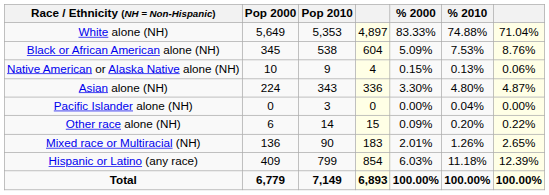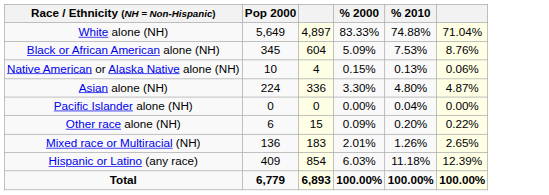 <table class="wikitable" style="text-align:center;">
 <tr>
 <th>Race / Ethnicity <small>(<em>NH = Non-Hispanic</em>)</small></th>
 <th>Pop 2000</th>
-<th>Pop 2010</th>
 <th></th>
 <th>% 2000</th>
 <th>% 2010</th>
 <th></th>
 </tr>
 <tr>
 <td><a href='#'>White</a> alone (NH)</td>
 <td>5,649</td>
-<td>5,353</td>
 <td style='background: #ffffe6;'>4,897</td>
 <td>83.33%</td>
 <td>74.88%</td>
 <td style='background: #ffffe6;'>71.04%</td>
 </tr>
 <tr>
 <td><a href='#'>Black or African American</a> alone (NH)</td>
 <td>345</td>
-<td>538</td>
 <td style='background: #ffffe6;'>604</td>
 <td>5.09%</td>
 <td>7.53%</td>
 <td style='background: #ffffe6;'>8.76%</td>
 </tr>
 <tr>
 <td><a href='#'>Native American</a> or <a href='#'>Alaska Native</a> alone (NH)</td>
 <td>10</td>
-<td>9</td>
 <td style='background: #ffffe6;'>4</td>
 <td>0.15%</td>
 <td>0.13%</td>
 <td style='background: #ffffe6;'>0.06%</td>
 </tr>
 <tr>
 <td><a href='#'>Asian</a> alone (NH)</td>
 <td>224</td>
-<td>343</td>
 <td style='background: #ffffe6;'>336</td>
 <td>3.30%</td>
 <td>4.80%</td>
 <td style='background: #ffffe6;'>4.87%</td>
 </tr>
 <tr>
 <td><a href='#'>Pacific Islander</a> alone (NH)</td>
 <td>0</td>
-<td>3</td>
 <td style='background: #ffffe6;'>0</td>
 <td>0.00%</td>
 <td>0.04%</td>
 <td style='background: #ffffe6;'>0.00%</td>
 </tr>
 <tr>
 <td><a href='#'>Other race</a> alone (NH)</td>
 <td>6</td>
-<td>14</td>
 <td style='background: #ffffe6;'>15</td>
 <td>0.09%</td>
 <td>0.20%</td>
 <td style='background: #ffffe6;'>0.22%</td>
 </tr>
 <tr>
 <td><a href='#'>Mixed race or Multiracial</a> (NH)</td>
 <td>136</td>
-<td>90</td>
 <td style='background: #ffffe6;'>183</td>
 <td>2.01%</td>
 <td>1.26%</td>
 <td style='background: #ffffe6;'>2.65%</td>
 </tr>
 <tr>
 <td><a href='#'>Hispanic or Latino</a> (any race)</td>
 <td>409</td>
-<td>799</td>
 <td style='background: #ffffe6;'>854</td>
 <td>6.03%</td>
 <td>11.18%</td>
 <td style='background: #ffffe6;'>12.39%</td>
 </tr>
 <tr>
 <td><strong>Total</strong></td>
 <td><strong>6,779</strong></td>
-<td><strong>7,149</strong></td>
 <td style='background: #ffffe6;'><strong>6,893</strong></td>
 <td><strong>100.00%</strong></td>
 <td><strong>100.00%</strong></td>
 <td style='background: #ffffe6;'><strong>100.00%</strong></td>
 </tr>
 </table>
